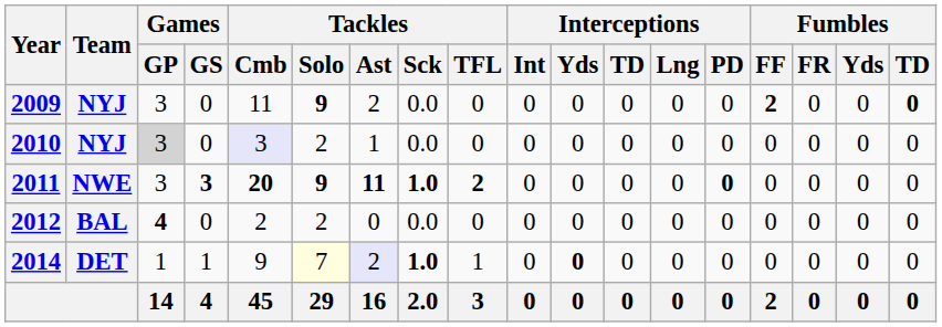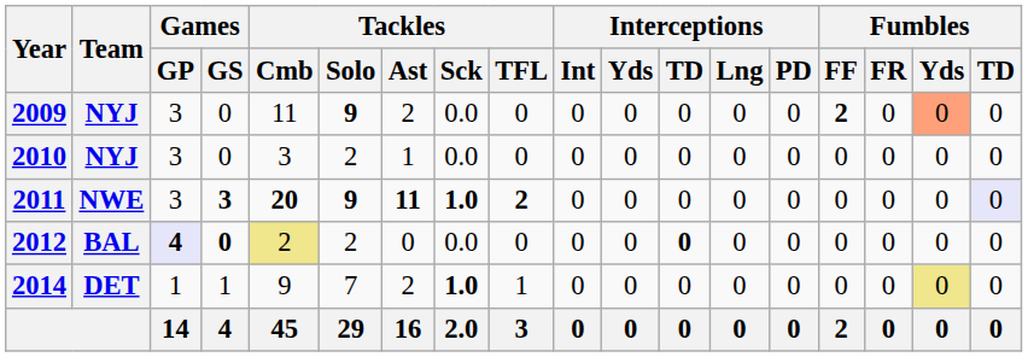 <table class="wikitable" style="text-align:center">
 <tr>
 <th rowspan="2">Year</th>
 <th rowspan="2">Team</th>
 <th colspan="2">Games</th>
 <th colspan="5">Tackles</th>
 <th colspan="5">Interceptions</th>
 <th colspan="4">Fumbles</th>
 </tr>
 <tr>
 <th>GP</th>
 <th>GS</th>
 <th>Cmb</th>
 <th>Solo</th>
 <th>Ast</th>
 <th>Sck</th>
 <th>TFL</th>
 <th>Int</th>
 <th>Yds</th>
 <th>TD</th>
 <th>Lng</th>
 <th>PD</th>
 <th>FF</th>
 <th>FR</th>
 <th>Yds</th>
 <th>TD</th>
 </tr>
 <tr>
 <th><a href='#'>2009</a></th>
 <th><a href='#'>NYJ</a></th>
 <td>3</td>
 <td>0</td>
 <td>11</td>
 <td><strong>9</strong></td>
 <td>2</td>
 <td>0.0</td>
 <td>0</td>
 <td>0</td>
 <td>0</td>
 <td>0</td>
 <td>0</td>
 <td>0</td>
 <td><strong>2</strong></td>
 <td>0</td>
+<td style="background: lightsalmon;">0</td>
 <td>0</td>
-<td><strong>0</strong></td>
 </tr>
 <tr>
 <th><a href='#'>2010</a></th>
 <th><a href='#'>NYJ</a></th>
-<td style="background: lightgrey;">3</td>
+<td>3</td>
 <td>0</td>
-<td style="background: lavender;">3</td>
+<td>3</td>
 <td>2</td>
 <td>1</td>
 <td>0.0</td>
 <td>0</td>
 <td>0</td>
 <td>0</td>
 <td>0</td>
 <td>0</td>
 <td>0</td>
 <td>0</td>
 <td>0</td>
 <td>0</td>
 <td>0</td>
 </tr>
 <tr>
 <th><a href='#'>2011</a></th>
 <th><a href='#'>NWE</a></th>
 <td>3</td>
 <td><strong>3</strong></td>
 <td><strong>20</strong></td>
 <td><strong>9</strong></td>
 <td><strong>11</strong></td>
 <td><strong>1.0</strong></td>
 <td><strong>2</strong></td>
 <td>0</td>
 <td>0</td>
 <td>0</td>
 <td>0</td>
-<td><strong>0</strong></td>
 <td>0</td>
 <td>0</td>
 <td>0</td>
 <td>0</td>
+<td style="background: lavender;">0</td>
 </tr>
 <tr>
 <th><a href='#'>2012</a></th>
 <th><a href='#'>BAL</a></th>
-<td><strong>4</strong></td>
-<td>0</td>
-<td>2</td>
+<td style="background: lavender;"><strong>4</strong></td>
+<td><strong>0</strong></td>
+<td style="background: khaki;">2</td>
 <td>2</td>
 <td>0</td>
 <td>0.0</td>
 <td>0</td>
 <td>0</td>
 <td>0</td>
-<td>0</td>
+<td><strong>0</strong></td>
 <td>0</td>
 <td>0</td>
 <td>0</td>
 <td>0</td>
 <td>0</td>
 <td>0</td>
 </tr>
 <tr>
 <th><a href='#'>2014</a></th>
 <th><a href='#'>DET</a></th>
 <td>1</td>
 <td>1</td>
 <td>9</td>
-<td style="background: lightyellow;">7</td>
-<td style="background: lavender;">2</td>
+<td>7</td>
+<td>2</td>
 <td><strong>1.0</strong></td>
 <td>1</td>
-<td>0</td>
-<td><strong>0</strong></td>
 <td>0</td>
 <td>0</td>
 <td>0</td>
 <td>0</td>
 <td>0</td>
 <td>0</td>
+<td>0</td>
+<td style="background: khaki;">0</td>
 <td>0</td>
 </tr>
 <tr>
 <th colspan="2"></th>
 <th>14</th>
 <th>4</th>
 <th>45</th>
 <th>29</th>
 <th>16</th>
 <th>2.0</th>
 <th>3</th>
 <th>0</th>
 <th>0</th>
 <th>0</th>
 <th>0</th>
 <th>0</th>
 <th>2</th>
 <th>0</th>
 <th>0</th>
 <th>0</th>
 </tr>
 </table>
